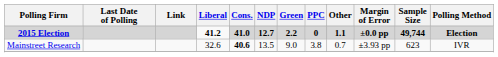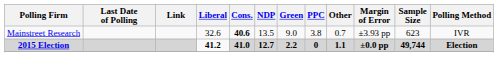 <table class="wikitable sortable" style="text-align:center;font-size:90%;line-height:14px;">
 <tr style="background:#e9e9e9;">
 <th style="width:120px">Polling Firm</th>
 <th style="width:110px">Last Date<br>of Polling</th>
 <th style="width:60px" class="unsortable">Link</th>
 <th style="background-color:"><strong><a href='#'>Liberal</a></strong></th>
 <th style="background-color:"><strong><a href='#'>Cons.</a></strong></th>
 <th style="background-color:"><strong><a href='#'>NDP</a></strong></th>
 <th style="background-color:"><strong><a href='#'>Green</a></strong></th>
 <th style="background-color:"><strong><a href='#'>PPC</a></strong></th>
 <th style="background-color:"><strong>Other</strong></th>
 <th style="width:60px;" class="unsortable">Margin<br>of Error</th>
 <th style="width:50px;" class="unsortable">Sample<br>Size</th>
 <th class="unsortable">Polling Method</th>
 </tr>
 <tr>
+<td><a href='#'>Mainstreet Research</a></td>
+<td></td>
+<td></td>
+<td>32.6</td>
+<td><strong>40.6</strong></td>
+<td>13.5</td>
+<td>9.0</td>
+<td>3.8</td>
+<td>0.7</td>
+<td>±3.93 pp</td>
+<td>623</td>
+<td>IVR</td>
+</tr>
+<tr>
 <td style="background:#D5D5D5"><strong><a href='#'>2015 Election</a></strong></td>
 <td style="background:#D5D5D5"><strong></strong></td>
 <td style="background:#D5D5D5"></td>
 <td><strong>41.2</strong></td>
 <td style="background:#D5D5D5"><strong>41.0</strong></td>
 <td style="background:#D5D5D5"><strong>12.7</strong></td>
 <td style="background:#D5D5D5"><strong>2.2</strong></td>
 <td style="background:#D5D5D5"><strong>0</strong></td>
 <td style="background:#D5D5D5"><strong>1.1</strong></td>
 <td style="background:#D5D5D5"><strong>±0.0 pp</strong></td>
 <td style="background:#D5D5D5"><strong>49,744</strong></td>
 <td style="background:#D5D5D5"><strong>Election</strong></td>
 </tr>
 <tr>
-<td><a href='#'>Mainstreet Research</a></td>
-<td></td>
-<td></td>
-<td>32.6</td>
-<td><strong>40.6</strong></td>
-<td>13.5</td>
-<td>9.0</td>
-<td>3.8</td>
-<td>0.7</td>
-<td>±3.93 pp</td>
-<td>623</td>
-<td>IVR</td>
-</tr>
-<tr>
 </tr>
 <tr>
 </tr>
 </table>
